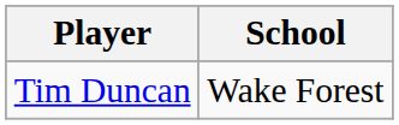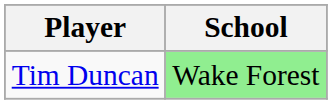 <table class="wikitable sortable">
 <tr>
 <th>Player</th>
 <th>School</th>
 </tr>
 <tr>
 <td><a href='#'>Tim Duncan</a></td>
-<td>Wake Forest</td>
+<td style="background: lightgreen;">Wake Forest</td>
 </tr>
 </table>
